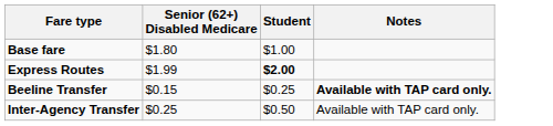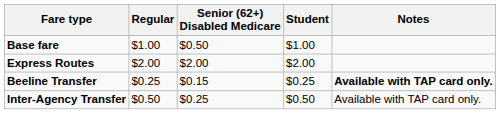 <table class="wikitable">
 <tr>
 <th>Fare type</th>
+<th>Regular</th>
 <th>Senior (62+)<br>Disabled Medicare</th>
 <th>Student</th>
 <th>Notes</th>
 </tr>
 <tr>
 <td><strong>Base fare</strong></td>
-<td>$1.80</td>
+<td>$1.00</td>
+<td>$0.50</td>
 <td>$1.00</td>
 <td></td>
 </tr>
 <tr>
 <td><strong>Express Routes</strong></td>
-<td>$1.99</td>
-<td><strong>$2.00</strong></td>
+<td>$2.00</td>
+<td>$2.00</td>
+<td>$2.00</td>
 <td></td>
 </tr>
 <tr>
 <td><strong>Beeline Transfer</strong></td>
+<td>$0.25</td>
 <td>$0.15</td>
 <td>$0.25</td>
 <td><strong>Available with TAP card only.</strong></td>
 </tr>
 <tr>
 <td><strong>Inter-Agency Transfer</strong></td>
+<td>$0.50</td>
 <td>$0.25</td>
 <td>$0.50</td>
 <td>Available with TAP card only.</td>
 </tr>
 </table>
